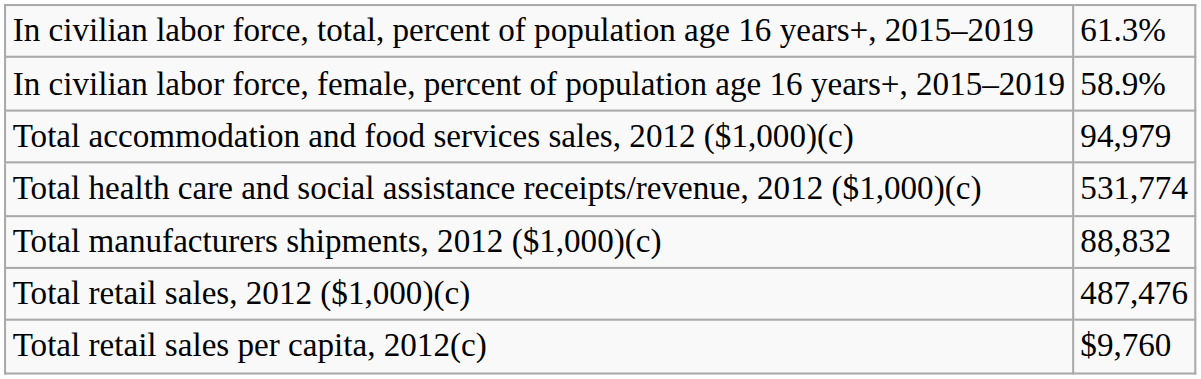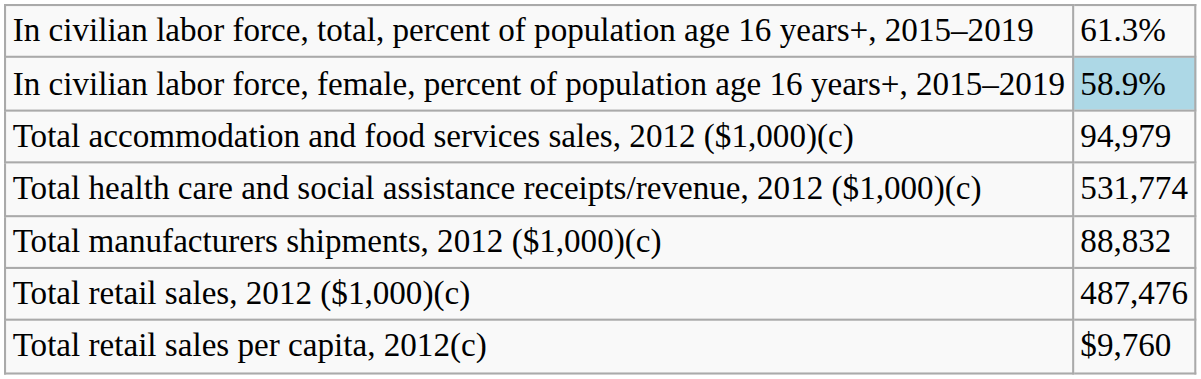 <table class="wikitable">
 <tr>
 <td>In civilian labor force, total, percent of population age 16 years+, 2015–2019</td>
 <td>61.3%</td>
 </tr>
 <tr>
 <td>In civilian labor force, female, percent of population age 16 years+, 2015–2019</td>
-<td>58.9%</td>
+<td style="background: lightblue;">58.9%</td>
 </tr>
 <tr>
 <td>Total accommodation and food services sales, 2012 ($1,000)(c)</td>
 <td>94,979</td>
 </tr>
 <tr>
 <td>Total health care and social assistance receipts/revenue, 2012 ($1,000)(c)</td>
 <td>531,774</td>
 </tr>
 <tr>
 <td>Total manufacturers shipments, 2012 ($1,000)(c)</td>
 <td>88,832</td>
 </tr>
 <tr>
 <td>Total retail sales, 2012 ($1,000)(c)</td>
 <td>487,476</td>
 </tr>
 <tr>
 <td>Total retail sales per capita, 2012(c)</td>
 <td>$9,760</td>
 </tr>
 </table>
